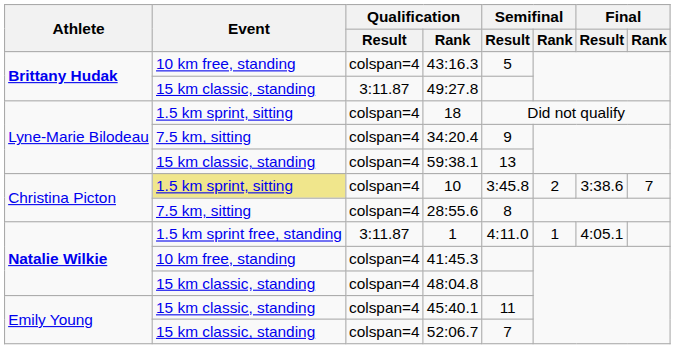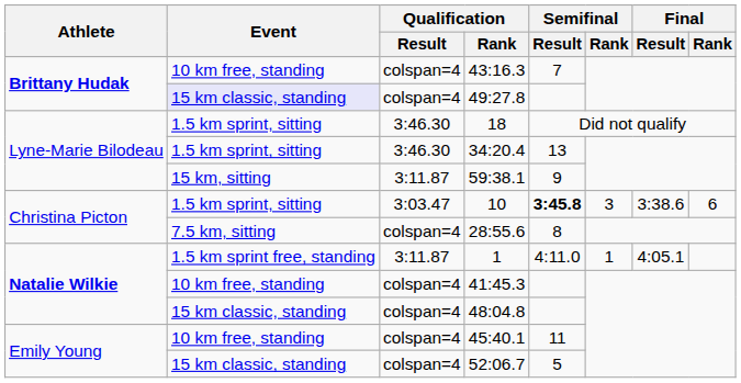 <table class="wikitable" style="font-size:90%">
 <tr>
 <th rowspan=2>Athlete</th>
 <th rowspan=2>Event</th>
 <th colspan=2>Qualification</th>
 <th colspan=2>Semifinal</th>
 <th colspan=2>Final</th>
 </tr>
 <tr style="font-size:95%">
 <th>Result</th>
 <th>Rank</th>
 <th>Result</th>
 <th>Rank</th>
 <th>Result</th>
 <th>Rank</th>
 </tr>
 <tr align=center>
 <td style="text-align:left;" rowspan="2"><strong><a href='#'>Brittany Hudak</a></strong></td>
 <td align=left><a href='#'>10 km free, standing</a></td>
 <td>colspan=4 </td>
 <td>43:16.3</td>
-<td>5</td>
+<td>7</td>
 </tr>
 <tr align=center>
-<td align=left><a href='#'>15 km classic, standing</a></td>
-<td>3:11.87</td>
+<td align=left style="background: lavender;"><a href='#'>15 km classic, standing</a></td>
+<td>colspan=4 </td>
 <td>49:27.8</td>
 <td></td>
 </tr>
 <tr align=center>
 <td style="text-align:left;" rowspan="3"><a href='#'>Lyne-Marie Bilodeau</a></td>
 <td align=left><a href='#'>1.5 km sprint, sitting</a></td>
-<td>colspan=4 </td>
+<td>3:46.30</td>
 <td>18</td>
 <td colspan=4>Did not qualify</td>
 </tr>
 <tr align=center>
-<td align=left><a href='#'>7.5 km, sitting</a></td>
-<td>colspan=4 </td>
+<td align=left><a href='#'>1.5 km sprint, sitting</a></td>
+<td>3:46.30</td>
 <td>34:20.4</td>
+<td>13</td>
+</tr>
+<tr align=center>
+<td align=left><a href='#'>15 km, sitting</a></td>
+<td>3:11.87</td>
+<td>59:38.1</td>
 <td>9</td>
 </tr>
 <tr align=center>
-<td align=left><a href='#'>15 km classic, standing</a></td>
-<td>colspan=4 </td>
-<td>59:38.1</td>
-<td>13</td>
-</tr>
-<tr align=center>
 <td style="text-align:left;" rowspan="2"><a href='#'>Christina Picton</a></td>
-<td align=left style="background: khaki;"><a href='#'>1.5 km sprint, sitting</a></td>
-<td>colspan=4 </td>
+<td align=left><a href='#'>1.5 km sprint, sitting</a></td>
+<td>3:03.47</td>
 <td>10</td>
-<td>3:45.8</td>
-<td>2</td>
+<td><strong>3:45.8</strong></td>
+<td>3</td>
 <td>3:38.6</td>
-<td>7</td>
+<td>6</td>
 </tr>
 <tr align=center>
 <td align=left><a href='#'>7.5 km, sitting</a></td>
 <td>colspan=4 </td>
 <td>28:55.6</td>
 <td>8</td>
 </tr>
 <tr align=center>
 <td style="text-align:left;" rowspan="3"><strong><a href='#'>Natalie Wilkie</a></strong></td>
 <td align=left><a href='#'>1.5 km sprint free, standing</a></td>
 <td>3:11.87</td>
 <td>1</td>
 <td>4:11.0</td>
 <td>1</td>
 <td>4:05.1</td>
 <td></td>
 </tr>
 <tr align=center>
 <td align=left><a href='#'>10 km free, standing</a></td>
 <td>colspan=4 </td>
 <td>41:45.3</td>
 <td></td>
 </tr>
 <tr align=center>
 <td align=left><a href='#'>15 km classic, standing</a></td>
 <td>colspan=4 </td>
 <td>48:04.8</td>
 <td></td>
 </tr>
 <tr align=center>
 <td style="text-align:left;" rowspan="2"><a href='#'>Emily Young</a></td>
-<td align=left><a href='#'>15 km classic, standing</a></td>
+<td align=left><a href='#'>10 km free, standing</a></td>
 <td>colspan=4 </td>
 <td>45:40.1</td>
 <td>11</td>
 </tr>
 <tr align=center>
 <td align=left><a href='#'>15 km classic, standing</a></td>
 <td>colspan=4 </td>
 <td>52:06.7</td>
-<td>7</td>
+<td>5</td>
 </tr>
 </table>
